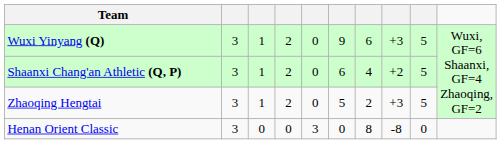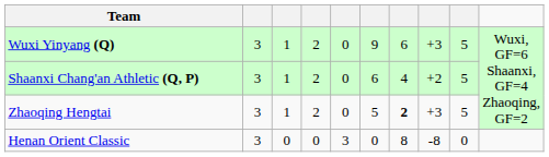 <table class="wikitable" style="text-align:center;">
 <tr>
 <th width=310>Team</th>
 <th width=30></th>
 <th width=30></th>
 <th width=30></th>
 <th width=30></th>
 <th width=30></th>
 <th width=30></th>
 <th width=30></th>
 <th width=30></th>
 </tr>
 <tr bgcolor="#ccffcc">
 <td align="left"><a href='#'>Wuxi Yinyang</a> <strong>(Q)</strong></td>
 <td>3</td>
 <td>1</td>
 <td>2</td>
 <td>0</td>
 <td>9</td>
 <td>6</td>
 <td>+3</td>
 <td>5</td>
 <td rowspan="3">Wuxi, GF=6 <br> Shaanxi, GF=4 <br> Zhaoqing, GF=2</td>
 </tr>
 <tr bgcolor="#ccffcc">
 <td align="left"><a href='#'>Shaanxi Chang'an Athletic</a> <strong>(Q, P)</strong></td>
 <td>3</td>
 <td>1</td>
 <td>2</td>
 <td>0</td>
 <td>6</td>
 <td>4</td>
 <td>+2</td>
 <td>5</td>
 </tr>
 <tr>
 <td align="left"><a href='#'>Zhaoqing Hengtai</a></td>
 <td>3</td>
 <td>1</td>
 <td>2</td>
 <td>0</td>
 <td>5</td>
-<td>2</td>
+<td><strong>2</strong></td>
 <td>+3</td>
 <td>5</td>
 </tr>
 <tr>
 <td align="left"><a href='#'>Henan Orient Classic</a></td>
 <td>3</td>
 <td>0</td>
 <td>0</td>
 <td>3</td>
 <td>0</td>
 <td>8</td>
 <td>-8</td>
 <td>0</td>
 </tr>
 </table>
